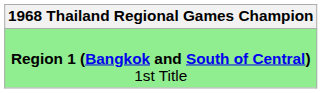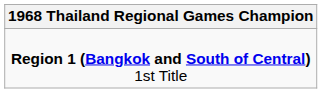 <table class=wikitable style="text-align:center; margin:auto">
 <tr>
 <th>1968 Thailand Regional Games Champion</th>
 </tr>
 <tr>
-<td style="background: lightgreen;"><br><strong>Region 1 (<a href='#'>Bangkok</a> and <a href='#'>South of Central</a>)<br></strong>1st Title</td>
+<td><br><strong>Region 1 (<a href='#'>Bangkok</a> and <a href='#'>South of Central</a>)<br></strong>1st Title</td>
 </tr>
 </table>
